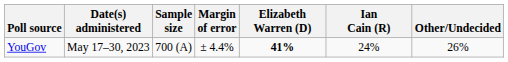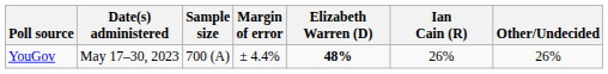 <table class="wikitable" style="font-size:90%;text-align:center;">
 <tr valign=bottom>
 <th>Poll source</th>
 <th>Date(s)<br>administered</th>
 <th>Sample<br>size</th>
 <th>Margin<br>of error</th>
 <th style="width:100px;">Elizabeth<br>Warren (D)</th>
 <th style="width:100px;">Ian<br>Cain (R)</th>
 <th>Other/Undecided</th>
 </tr>
 <tr>
 <td rowspan=2 style="text-align:left"><a href='#'>YouGov</a></td>
 <td rowspan=2>May 17–30, 2023</td>
 <td rowspan=2>700 (A)</td>
 <td rowspan=2>± 4.4%</td>
-<td><strong>41%</strong></td>
-<td>24%</td>
+<td><strong>48%</strong></td>
+<td>26%</td>
 <td>26%</td>
 </tr>
 </table>
